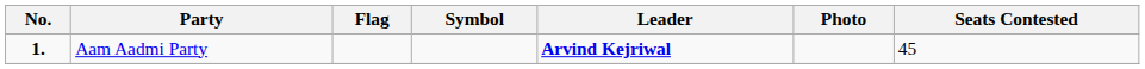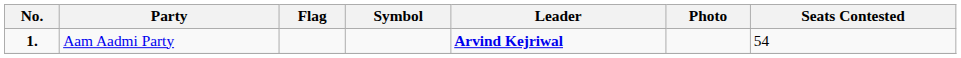 <table class="wikitable"  " width="50%">
 <tr>
 <th>No.</th>
 <th>Party</th>
 <th>Flag</th>
 <th>Symbol</th>
 <th>Leader</th>
 <th>Photo</th>
 <th>Seats Contested</th>
 </tr>
 <tr>
 <td ! style="text-align:center; background:"><strong>1.</strong></td>
 <td><a href='#'>Aam Aadmi Party</a></td>
 <td></td>
 <td></td>
 <td><strong><a href='#'>Arvind Kejriwal</a></strong></td>
 <td></td>
-<td>45</td>
+<td>54</td>
 </tr>
 <tr>
 </tr>
 </table>
